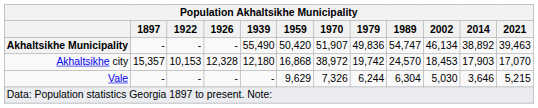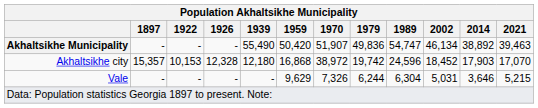 <table class="wikitable" style="text-align:right">
 <tr>
 <th colspan=19>Population Akhaltsikhe Municipality</th>
 </tr>
 <tr>
 <th></th>
 <th>1897</th>
 <th>1922</th>
 <th>1926</th>
 <th>1939</th>
 <th>1959</th>
 <th>1970</th>
 <th>1979</th>
 <th>1989</th>
 <th>2002</th>
 <th>2014</th>
 <th>2021</th>
 </tr>
 <tr>
 <th>Akhaltsikhe Municipality</th>
 <td>-</td>
 <td>-</td>
 <td>-</td>
 <td>55,490</td>
 <td> 50,420</td>
 <td> 51,907</td>
 <td> 49,836</td>
 <td> 54,747</td>
 <td> 46,134</td>
 <td>  38,892</td>
 <td> 39,463</td>
 </tr>
 <tr>
 <td><a href='#'>Akhaltsikhe</a> city</td>
 <td>15,357</td>
 <td> 10,153</td>
 <td> 12,328</td>
 <td> 12,180</td>
 <td> 16,868</td>
 <td> 38,972</td>
 <td> 19,742</td>
-<td> 24,570</td>
-<td> 18,453</td>
+<td> 24,596</td>
+<td> 18,452</td>
 <td> 17,903</td>
 <td> 17,070</td>
 </tr>
 <tr>
 <td><a href='#'>Vale</a></td>
 <td>-</td>
 <td>-</td>
 <td>-</td>
 <td>-</td>
 <td>9,629</td>
 <td> 7,326</td>
 <td> 6,244</td>
 <td> 6,304</td>
-<td> 5,030</td>
+<td> 5,031</td>
 <td> 3,646</td>
 <td> 5,215</td>
 </tr>
 <tr>
 <td colspan=15 class="wikitable" style="align:left;text-align:left;background-color:#eaecf0">Data: Population statistics Georgia 1897 to present. Note:</td>
 </tr>
 </table>
